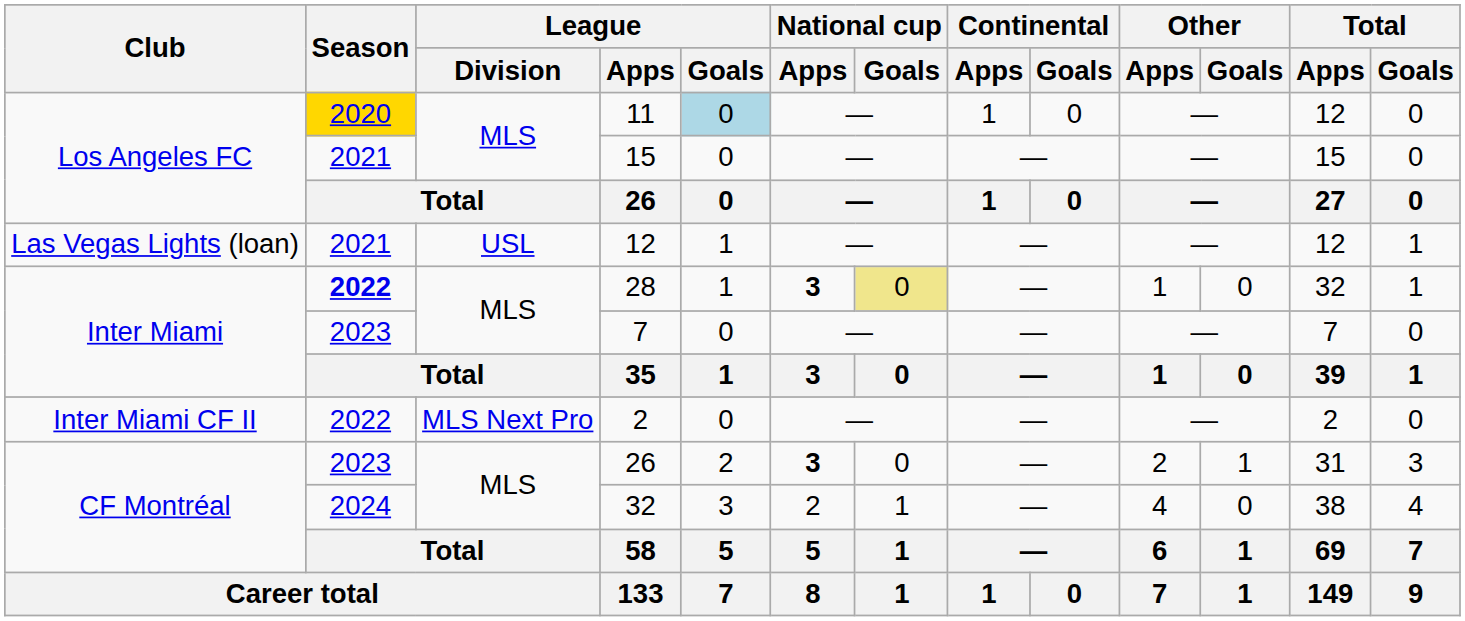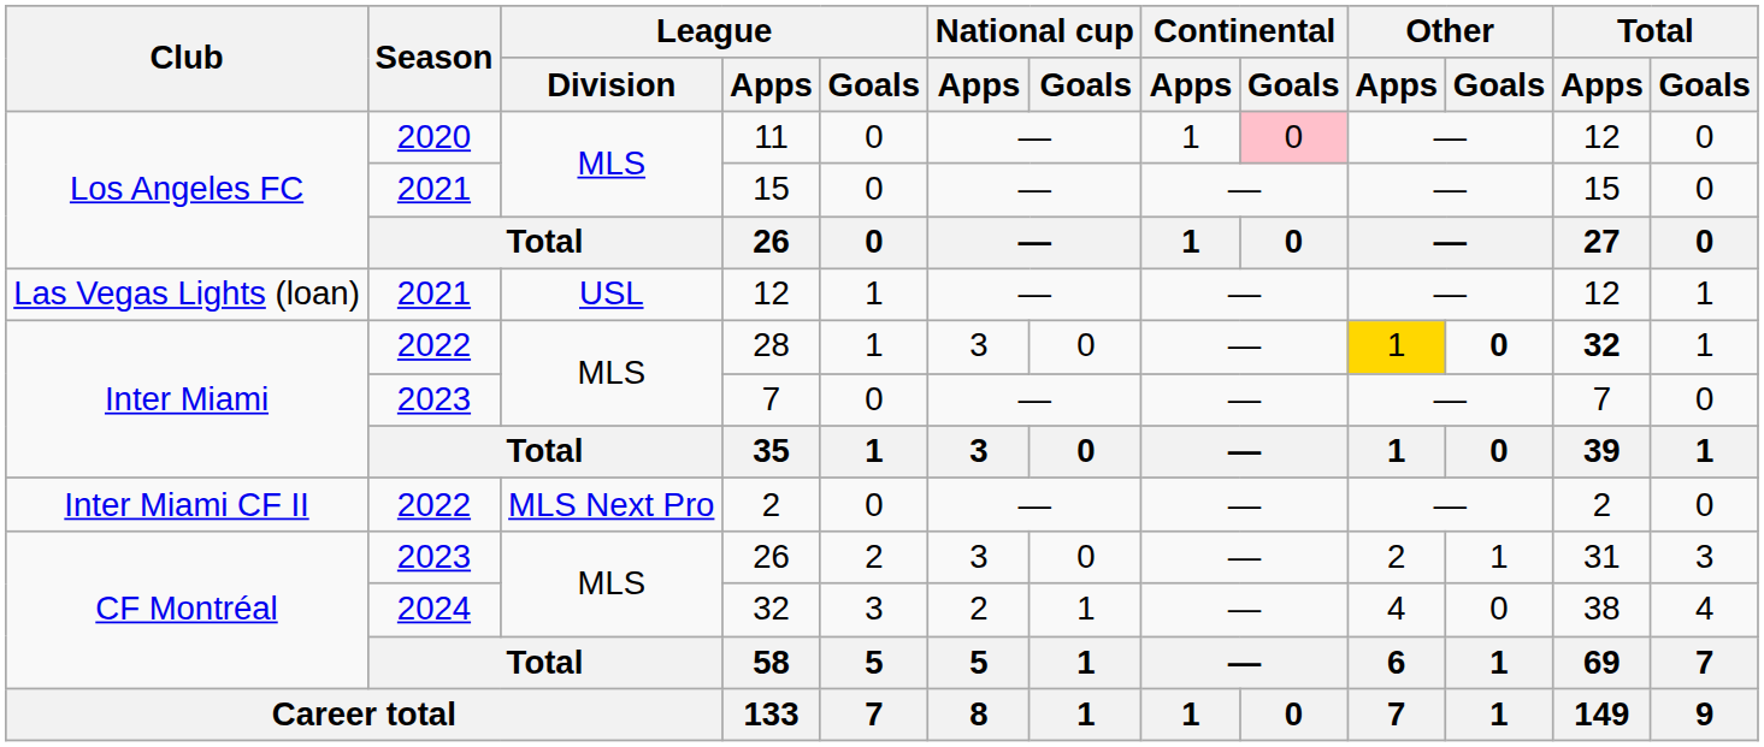 <table class="wikitable" style="text-align: center;">
 <tr>
 <th rowspan="2">Club</th>
 <th rowspan="2">Season</th>
 <th colspan="3">League</th>
 <th colspan="2">National cup</th>
 <th colspan="2">Continental</th>
 <th colspan="2">Other</th>
 <th colspan="2">Total</th>
 </tr>
 <tr>
 <th>Division</th>
 <th>Apps</th>
 <th>Goals</th>
 <th>Apps</th>
 <th>Goals</th>
 <th>Apps</th>
 <th>Goals</th>
 <th>Apps</th>
 <th>Goals</th>
 <th>Apps</th>
 <th>Goals</th>
 </tr>
 <tr>
 <td rowspan="3"><a href='#'>Los Angeles FC</a></td>
-<td style="background: gold;"><a href='#'>2020</a></td>
+<td><a href='#'>2020</a></td>
 <td rowspan="2"><a href='#'>MLS</a></td>
 <td>11</td>
-<td style="background: lightblue;">0</td>
+<td>0</td>
 <td colspan="2">—</td>
 <td>1</td>
-<td>0</td>
+<td style="background: pink;">0</td>
 <td colspan="2">—</td>
 <td>12</td>
 <td>0</td>
 </tr>
 <tr>
 <td><a href='#'>2021</a></td>
 <td>15</td>
 <td>0</td>
 <td colspan="2">—</td>
 <td colspan="2">—</td>
 <td colspan="2">—</td>
 <td>15</td>
 <td>0</td>
 </tr>
 <tr>
 <th colspan="2">Total</th>
 <th>26</th>
 <th>0</th>
 <th colspan="2">—</th>
 <th>1</th>
 <th>0</th>
 <th colspan="2">—</th>
 <th>27</th>
 <th>0</th>
 </tr>
 <tr>
 <td><a href='#'>Las Vegas Lights</a> (loan)</td>
 <td><a href='#'>2021</a></td>
 <td><a href='#'>USL</a></td>
 <td>12</td>
 <td>1</td>
 <td colspan="2">—</td>
 <td colspan="2">—</td>
 <td colspan="2">—</td>
 <td>12</td>
 <td>1</td>
 </tr>
 <tr>
 <td rowspan="3"><a href='#'>Inter Miami</a></td>
-<td><strong><a href='#'>2022</a></strong></td>
+<td><a href='#'>2022</a></td>
 <td rowspan="2">MLS</td>
 <td>28</td>
 <td>1</td>
-<td><strong>3</strong></td>
-<td style="background: khaki;">0</td>
+<td>3</td>
+<td>0</td>
 <td colspan="2">—</td>
-<td>1</td>
-<td>0</td>
-<td>32</td>
+<td style="background: gold;">1</td>
+<td><strong>0</strong></td>
+<td><strong>32</strong></td>
 <td>1</td>
 </tr>
 <tr>
 <td><a href='#'>2023</a></td>
 <td>7</td>
 <td>0</td>
 <td colspan="2">—</td>
 <td colspan="2">—</td>
 <td colspan="2">—</td>
 <td>7</td>
 <td>0</td>
 </tr>
 <tr>
 <th colspan="2">Total</th>
 <th>35</th>
 <th>1</th>
 <th>3</th>
 <th>0</th>
 <th colspan="2">—</th>
 <th>1</th>
 <th>0</th>
 <th>39</th>
 <th>1</th>
 </tr>
 <tr>
 <td><a href='#'>Inter Miami CF II</a></td>
 <td><a href='#'>2022</a></td>
 <td><a href='#'>MLS Next Pro</a></td>
 <td>2</td>
 <td>0</td>
 <td colspan="2">—</td>
 <td colspan="2">—</td>
 <td colspan="2">—</td>
 <td>2</td>
 <td>0</td>
 </tr>
 <tr>
 <td rowspan="3"><a href='#'>CF Montréal</a></td>
 <td><a href='#'>2023</a></td>
 <td rowspan="2">MLS</td>
 <td>26</td>
 <td>2</td>
-<td><strong>3</strong></td>
+<td>3</td>
 <td>0</td>
 <td colspan="2">—</td>
 <td>2</td>
 <td>1</td>
 <td>31</td>
 <td>3</td>
 </tr>
 <tr>
 <td><a href='#'>2024</a></td>
 <td>32</td>
 <td>3</td>
 <td>2</td>
 <td>1</td>
 <td colspan="2">—</td>
 <td>4</td>
 <td>0</td>
 <td>38</td>
 <td>4</td>
 </tr>
 <tr>
 <th colspan="2">Total</th>
 <th>58</th>
 <th>5</th>
 <th>5</th>
 <th>1</th>
 <th colspan="2">—</th>
 <th>6</th>
 <th>1</th>
 <th>69</th>
 <th>7</th>
 </tr>
 <tr>
 <th colspan="3">Career total</th>
 <th>133</th>
 <th>7</th>
 <th>8</th>
 <th>1</th>
 <th>1</th>
 <th>0</th>
 <th>7</th>
 <th>1</th>
 <th>149</th>
 <th>9</th>
 </tr>
 </table>
